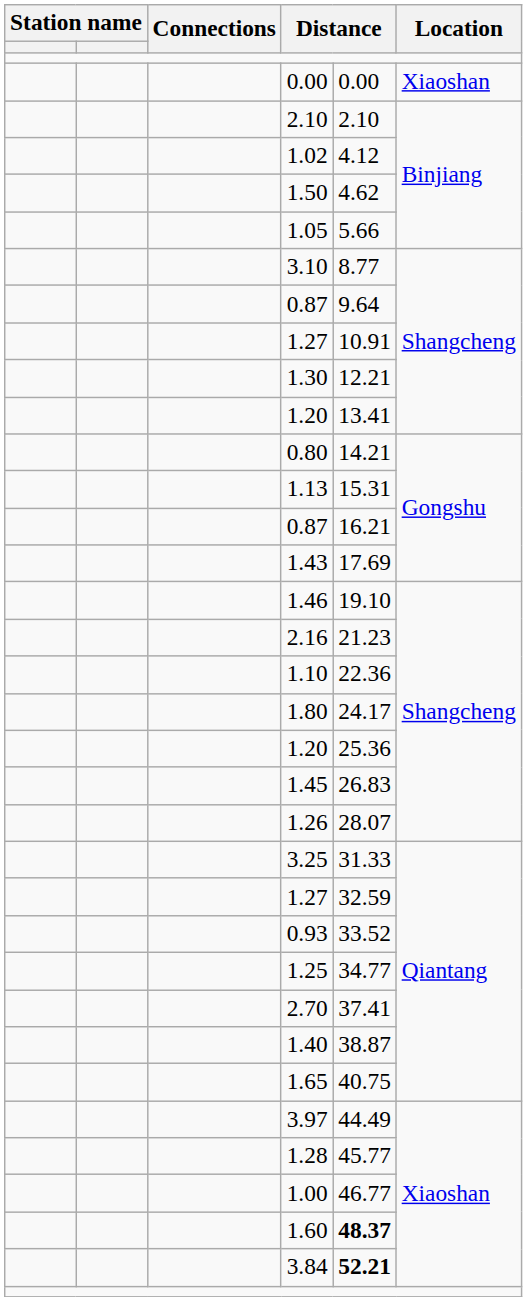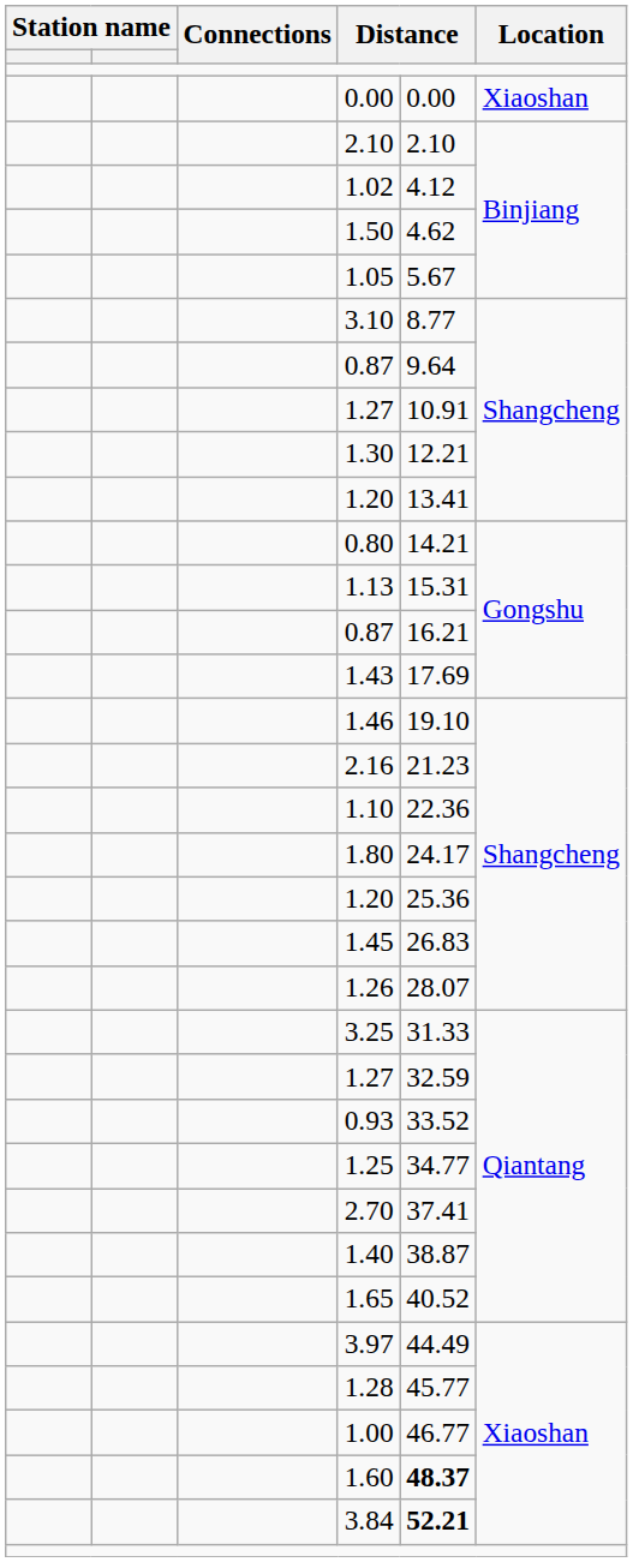 <table class="wikitable">
 <tr>
 <th colspan="2">Station name</th>
 <th rowspan="2">Connections</th>
 <th colspan="2" rowspan="2">Distance<br></th>
 <th rowspan="2">Location</th>
 </tr>
 <tr>
 <th></th>
 <th></th>
 </tr>
 <tr style="background:#">
 <td colspan = "9"></td>
 </tr>
 <tr>
 <td></td>
 <td></td>
 <td></td>
 <td>0.00</td>
 <td>0.00</td>
 <td><a href='#'>Xiaoshan</a></td>
 </tr>
 <tr>
 <td></td>
 <td></td>
 <td></td>
 <td>2.10</td>
 <td>2.10</td>
 <td rowspan="4"><a href='#'>Binjiang</a></td>
 </tr>
 <tr>
 <td></td>
 <td></td>
 <td></td>
 <td>1.02</td>
 <td>4.12</td>
 </tr>
 <tr>
 <td></td>
 <td></td>
 <td></td>
 <td>1.50</td>
 <td>4.62</td>
 </tr>
 <tr>
 <td></td>
 <td></td>
 <td></td>
 <td>1.05</td>
-<td>5.66</td>
+<td>5.67</td>
 </tr>
 <tr>
 <td></td>
 <td></td>
 <td></td>
 <td>3.10</td>
 <td>8.77</td>
 <td rowspan="5"><a href='#'>Shangcheng</a></td>
 </tr>
 <tr>
 <td></td>
 <td></td>
 <td></td>
 <td>0.87</td>
 <td>9.64</td>
 </tr>
 <tr>
 <td></td>
 <td></td>
 <td> </td>
 <td>1.27</td>
 <td>10.91</td>
 </tr>
 <tr>
 <td></td>
 <td></td>
 <td></td>
 <td>1.30</td>
 <td>12.21</td>
 </tr>
 <tr>
 <td></td>
 <td></td>
 <td></td>
 <td>1.20</td>
 <td>13.41</td>
 </tr>
 <tr>
 <td></td>
 <td></td>
 <td></td>
 <td>0.80</td>
 <td>14.21</td>
 <td rowspan="4"><a href='#'>Gongshu</a></td>
 </tr>
 <tr>
 <td></td>
 <td></td>
 <td></td>
 <td>1.13</td>
 <td>15.31</td>
 </tr>
 <tr>
 <td></td>
 <td></td>
 <td> </td>
 <td>0.87</td>
 <td>16.21</td>
 </tr>
 <tr>
 <td></td>
 <td></td>
 <td></td>
 <td>1.43</td>
 <td>17.69</td>
 </tr>
 <tr>
 <td></td>
 <td></td>
 <td></td>
 <td>1.46</td>
 <td>19.10</td>
 <td rowspan="7"><a href='#'>Shangcheng</a></td>
 </tr>
 <tr>
 <td></td>
 <td></td>
 <td>  <br></td>
 <td>2.16</td>
 <td>21.23</td>
 </tr>
 <tr>
 <td></td>
 <td></td>
 <td></td>
 <td>1.10</td>
 <td>22.36</td>
 </tr>
 <tr>
 <td></td>
 <td></td>
 <td></td>
 <td>1.80</td>
 <td>24.17</td>
 </tr>
 <tr>
 <td></td>
 <td></td>
 <td></td>
 <td>1.20</td>
 <td>25.36</td>
 </tr>
 <tr>
 <td></td>
 <td></td>
 <td></td>
 <td>1.45</td>
 <td>26.83</td>
 </tr>
 <tr>
 <td></td>
 <td></td>
 <td></td>
 <td>1.26</td>
 <td>28.07</td>
 </tr>
 <tr>
 <td></td>
 <td></td>
 <td></td>
 <td>3.25</td>
 <td>31.33</td>
 <td rowspan="7"><a href='#'>Qiantang</a></td>
 </tr>
 <tr>
 <td></td>
 <td></td>
 <td></td>
 <td>1.27</td>
 <td>32.59</td>
 </tr>
 <tr>
 <td></td>
 <td></td>
 <td></td>
 <td>0.93</td>
 <td>33.52</td>
 </tr>
 <tr>
 <td></td>
 <td></td>
 <td></td>
 <td>1.25</td>
 <td>34.77</td>
 </tr>
 <tr>
 <td></td>
 <td></td>
 <td></td>
 <td>2.70</td>
 <td>37.41</td>
 </tr>
 <tr>
 <td></td>
 <td></td>
 <td></td>
 <td>1.40</td>
 <td>38.87</td>
 </tr>
 <tr>
 <td></td>
 <td></td>
 <td></td>
 <td>1.65</td>
-<td>40.75</td>
+<td>40.52</td>
 </tr>
 <tr>
 <td></td>
 <td></td>
 <td></td>
 <td>3.97</td>
 <td>44.49</td>
 <td rowspan="5"><a href='#'>Xiaoshan</a></td>
 </tr>
 <tr>
 <td></td>
 <td></td>
 <td></td>
 <td>1.28</td>
 <td>45.77</td>
 </tr>
 <tr>
 <td></td>
 <td></td>
 <td></td>
 <td>1.00</td>
 <td>46.77</td>
 </tr>
 <tr>
 <td></td>
 <td></td>
 <td></td>
 <td>1.60</td>
 <td><strong>48.37</strong></td>
 </tr>
 <tr>
 <td></td>
 <td></td>
 <td>  </td>
 <td>3.84</td>
 <td><strong>52.21</strong></td>
 </tr>
 <tr style="background:#">
 <td colspan = "9"></td>
 </tr>
 </table>
